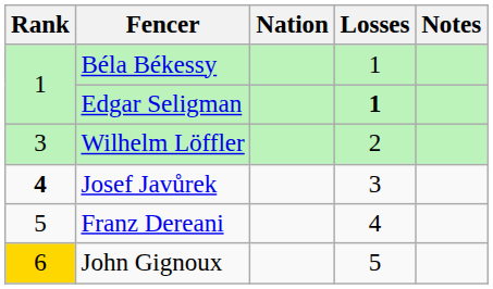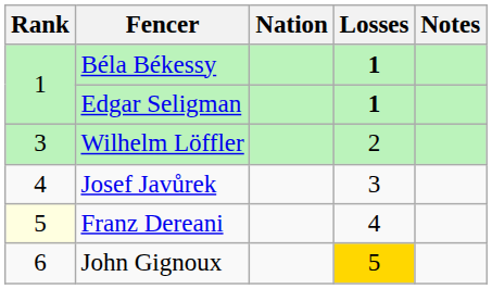 <table class="wikitable sortable" style="text-align:center">
 <tr>
 <th>Rank</th>
 <th>Fencer</th>
 <th>Nation</th>
 <th>Losses</th>
 <th>Notes</th>
 </tr>
 <tr bgcolor=bbf3bb>
 <td rowspan=2>1</td>
 <td align=left><a href='#'>Béla Békessy</a></td>
 <td align=left></td>
-<td>1</td>
+<td><strong>1</strong></td>
 <td></td>
 </tr>
 <tr bgcolor=bbf3bb>
 <td align=left><a href='#'>Edgar Seligman</a></td>
 <td align=left></td>
 <td><strong>1</strong></td>
 <td></td>
 </tr>
 <tr bgcolor=bbf3bb>
 <td>3</td>
 <td align=left><a href='#'>Wilhelm Löffler</a></td>
 <td align=left></td>
 <td>2</td>
 <td></td>
 </tr>
 <tr>
-<td><strong>4</strong></td>
+<td>4</td>
 <td align=left><a href='#'>Josef Javůrek</a></td>
 <td align=left></td>
 <td>3</td>
 <td></td>
 </tr>
 <tr>
-<td>5</td>
+<td style="background: lightyellow;">5</td>
 <td align=left><a href='#'>Franz Dereani</a></td>
 <td align=left></td>
 <td>4</td>
 <td></td>
 </tr>
 <tr>
-<td style="background: gold;">6</td>
+<td>6</td>
 <td align=left>John Gignoux</td>
 <td align=left></td>
-<td>5</td>
+<td style="background: gold;">5</td>
 <td></td>
 </tr>
 </table>
